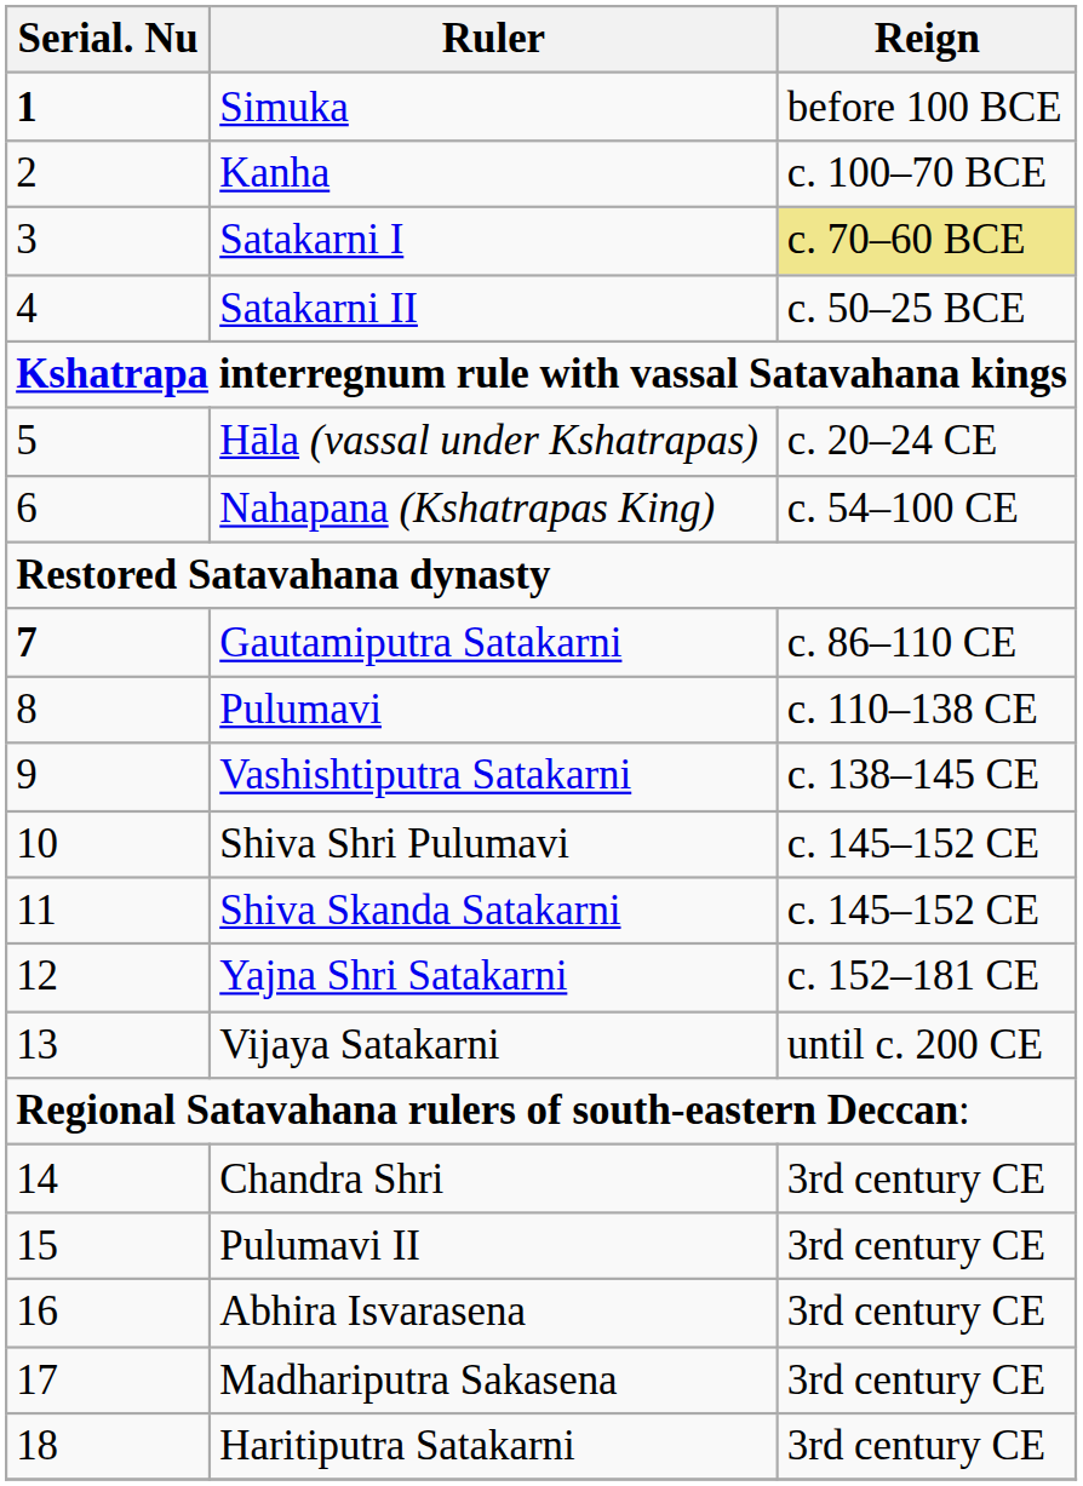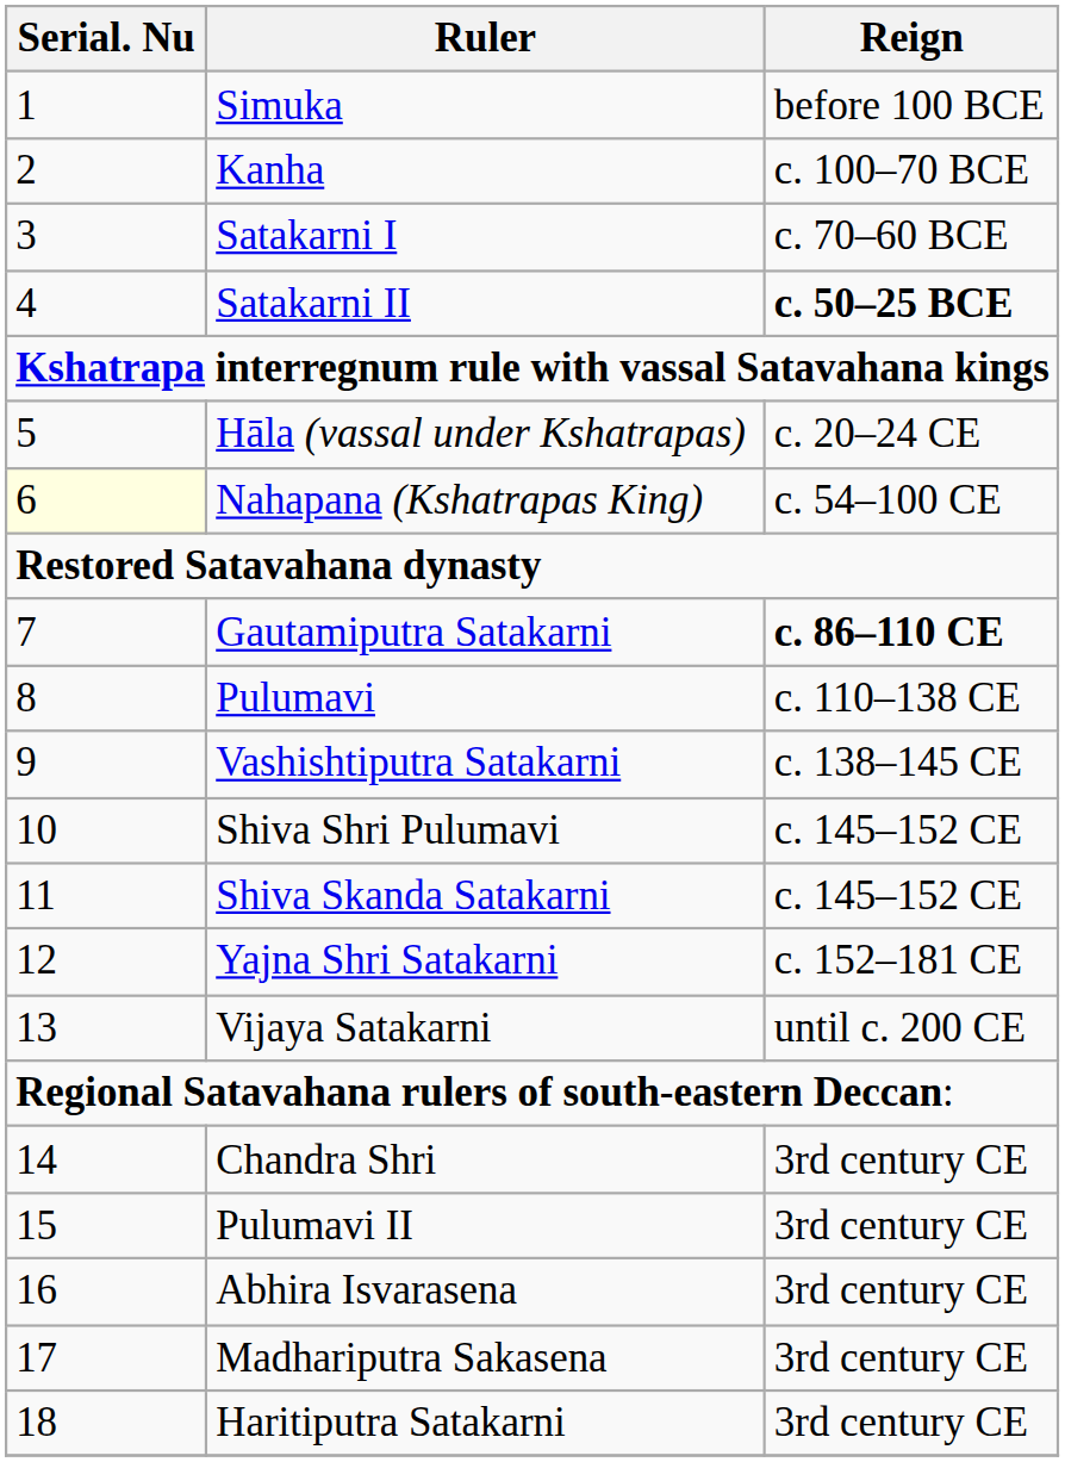 <table class="wikitable">
 <tr>
 <th>Serial. Nu</th>
 <th>Ruler</th>
 <th>Reign</th>
 </tr>
 <tr>
-<td><strong>1</strong></td>
+<td>1</td>
 <td><a href='#'>Simuka</a></td>
 <td>before 100 BCE</td>
 </tr>
 <tr>
 <td>2</td>
 <td><a href='#'>Kanha</a></td>
 <td>c. 100–70 BCE</td>
 </tr>
 <tr>
 <td>3</td>
 <td><a href='#'>Satakarni I</a></td>
-<td style="background: khaki;">c. 70–60 BCE</td>
+<td>c. 70–60 BCE</td>
 </tr>
 <tr>
 <td>4</td>
 <td><a href='#'>Satakarni II</a></td>
-<td>c. 50–25 BCE</td>
+<td><strong>c. 50–25 BCE</strong></td>
 </tr>
 <tr>
 <td colspan="4"><strong><a href='#'>Kshatrapa</a> interregnum rule with vassal Satavahana kings</strong></td>
 </tr>
 <tr>
 <td>5</td>
 <td><a href='#'>Hāla</a> <em>(vassal under Kshatrapas)</em></td>
 <td>c. 20–24 CE</td>
 </tr>
 <tr>
-<td>6</td>
+<td style="background: lightyellow;">6</td>
 <td><a href='#'>Nahapana</a> <em>(Kshatrapas King)</em></td>
 <td>c. 54–100 CE</td>
 </tr>
 <tr>
 <td colspan="4"><strong>Restored Satavahana dynasty</strong></td>
 </tr>
 <tr>
-<td><strong>7</strong></td>
+<td>7</td>
 <td><a href='#'>Gautamiputra Satakarni</a></td>
-<td>c. 86–110 CE</td>
+<td><strong>c. 86–110 CE</strong></td>
 </tr>
 <tr>
 <td>8</td>
 <td><a href='#'>Pulumavi</a></td>
 <td>c. 110–138 CE</td>
 </tr>
 <tr>
 <td>9</td>
 <td><a href='#'>Vashishtiputra Satakarni</a></td>
 <td>c. 138–145 CE</td>
 </tr>
 <tr>
 <td>10</td>
 <td>Shiva Shri Pulumavi</td>
 <td>c. 145–152 CE</td>
 </tr>
 <tr>
 <td>11</td>
 <td><a href='#'>Shiva Skanda Satakarni</a></td>
 <td>c. 145–152 CE</td>
 </tr>
 <tr>
 <td>12</td>
 <td><a href='#'>Yajna Shri Satakarni</a></td>
 <td>c. 152–181 CE</td>
 </tr>
 <tr>
 <td>13</td>
 <td>Vijaya Satakarni</td>
 <td>until c. 200 CE</td>
 </tr>
 <tr>
 <td colspan="4"><strong>Regional Satavahana rulers of south-eastern Deccan</strong>:</td>
 </tr>
 <tr>
 <td>14</td>
 <td>Chandra Shri</td>
 <td>3rd century CE</td>
 </tr>
 <tr>
 <td>15</td>
 <td>Pulumavi II</td>
 <td>3rd century CE</td>
 </tr>
 <tr>
 <td>16</td>
 <td>Abhira Isvarasena</td>
 <td>3rd century CE</td>
 </tr>
 <tr>
 <td>17</td>
 <td>Madhariputra Sakasena</td>
 <td>3rd century CE</td>
 </tr>
 <tr>
 <td>18</td>
 <td>Haritiputra Satakarni</td>
 <td>3rd century CE</td>
 </tr>
 <tr>
 </tr>
 </table>
